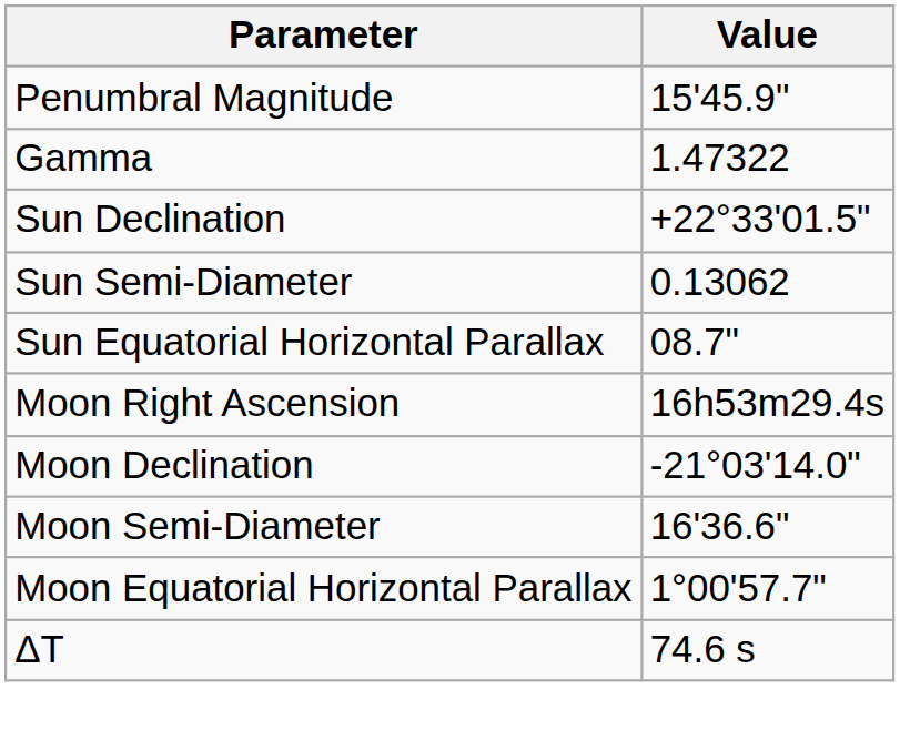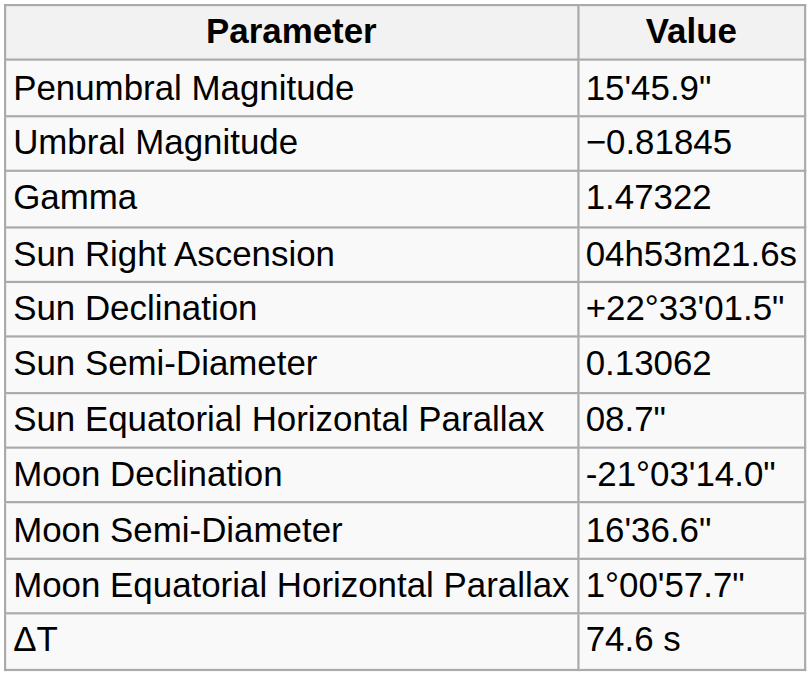 <table class="wikitable">
 <tr>
 <th>Parameter</th>
 <th>Value</th>
 </tr>
 <tr>
 <td>Penumbral Magnitude</td>
 <td>15'45.9"</td>
 </tr>
 <tr>
+<td>Umbral Magnitude</td>
+<td>−0.81845</td>
+</tr>
+<tr>
 <td>Gamma</td>
 <td>1.47322</td>
+</tr>
+<tr>
+<td>Sun Right Ascension</td>
+<td>04h53m21.6s</td>
 </tr>
 <tr>
 <td>Sun Declination</td>
 <td>+22°33'01.5"</td>
 </tr>
 <tr>
 <td>Sun Semi-Diameter</td>
 <td>0.13062</td>
 </tr>
 <tr>
 <td>Sun Equatorial Horizontal Parallax</td>
 <td>08.7"</td>
-</tr>
-<tr>
-<td>Moon Right Ascension</td>
-<td>16h53m29.4s</td>
 </tr>
 <tr>
 <td>Moon Declination</td>
 <td>-21°03'14.0"</td>
 </tr>
 <tr>
 <td>Moon Semi-Diameter</td>
 <td>16'36.6"</td>
 </tr>
 <tr>
 <td>Moon Equatorial Horizontal Parallax</td>
 <td>1°00'57.7"</td>
 </tr>
 <tr>
 <td>ΔT</td>
 <td>74.6 s</td>
 </tr>
 </table>
